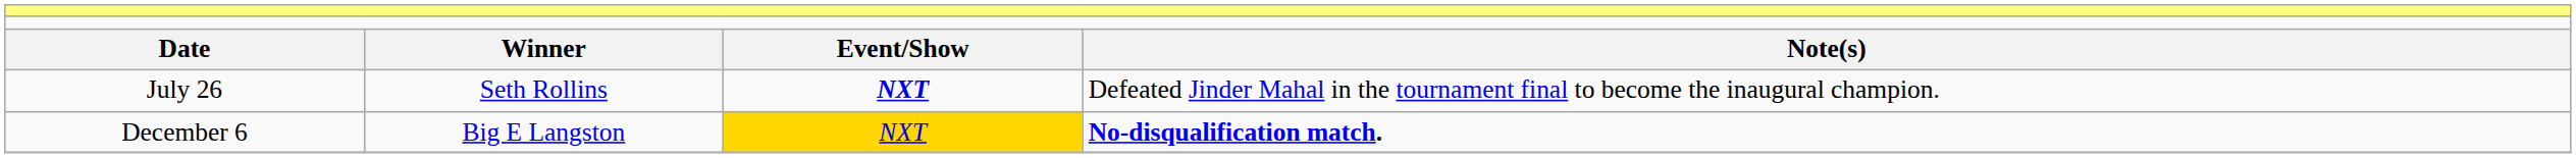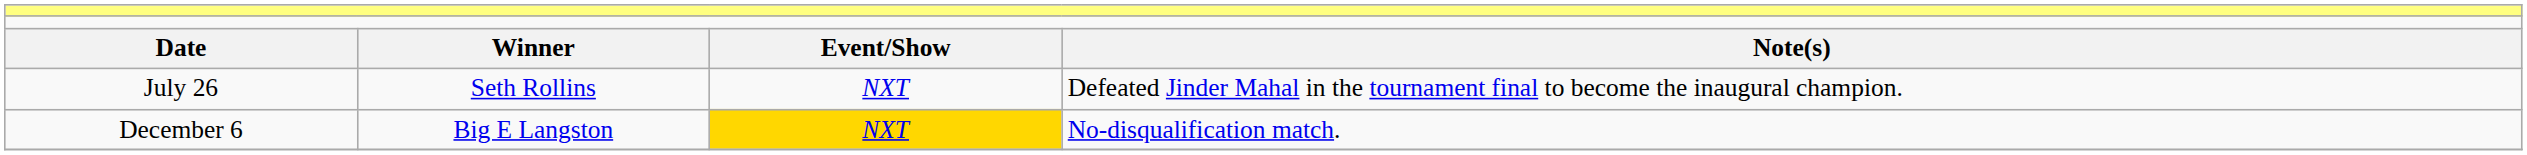 <table class="wikitable" style="text-align:center; width:100%;">
 <tr style="background:#FFFF80;">
 <td colspan="5"></td>
 </tr>
 <tr>
 <td colspan="5"><strong></strong></td>
 </tr>
 <tr>
 <th width=14%>Date</th>
 <th width=14%>Winner</th>
 <th width=14%>Event/Show</th>
 <th width=58%>Note(s)</th>
 </tr>
 <tr>
 <td>July 26<br></td>
 <td><a href='#'>Seth Rollins</a></td>
-<td><strong><em><a href='#'>NXT</a></em></strong></td>
+<td><em><a href='#'>NXT</a></em></td>
 <td align=left>Defeated <a href='#'>Jinder Mahal</a> in the <a href='#'>tournament final</a> to become the inaugural champion.</td>
 </tr>
 <tr>
 <td>December 6<br></td>
 <td><a href='#'>Big E Langston</a></td>
 <td style="background: gold;"><em><a href='#'>NXT</a></em></td>
-<td align=left><strong><a href='#'>No-disqualification match</a>.</strong></td>
+<td align=left><a href='#'>No-disqualification match</a>.</td>
 </tr>
 <tr>
 </tr>
 </table>
